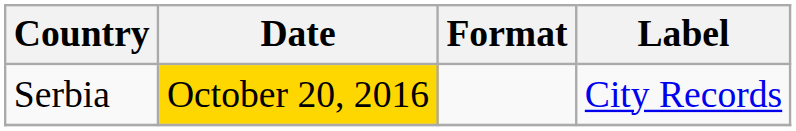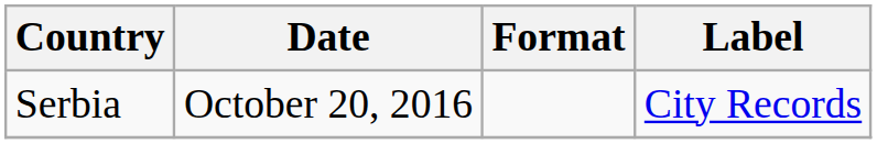 <table class="wikitable plainrowheaders">
 <tr>
 <th scope="col">Country</th>
 <th scope="col">Date</th>
 <th scope="col">Format</th>
 <th scope="col">Label</th>
 </tr>
 <tr>
 <td>Serbia</td>
-<td style="background: gold;">October 20, 2016</td>
+<td>October 20, 2016</td>
 <td></td>
 <td><a href='#'>City Records</a></td>
 </tr>
 <tr>
 </tr>
 </table>
